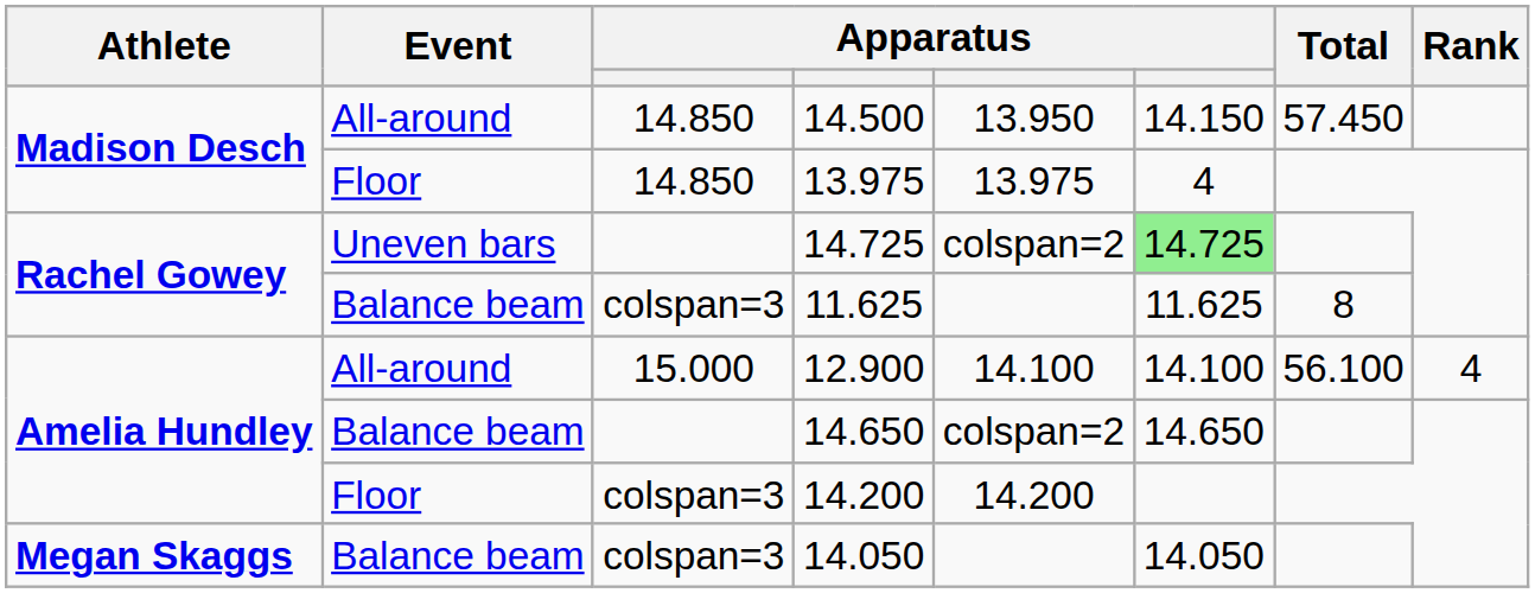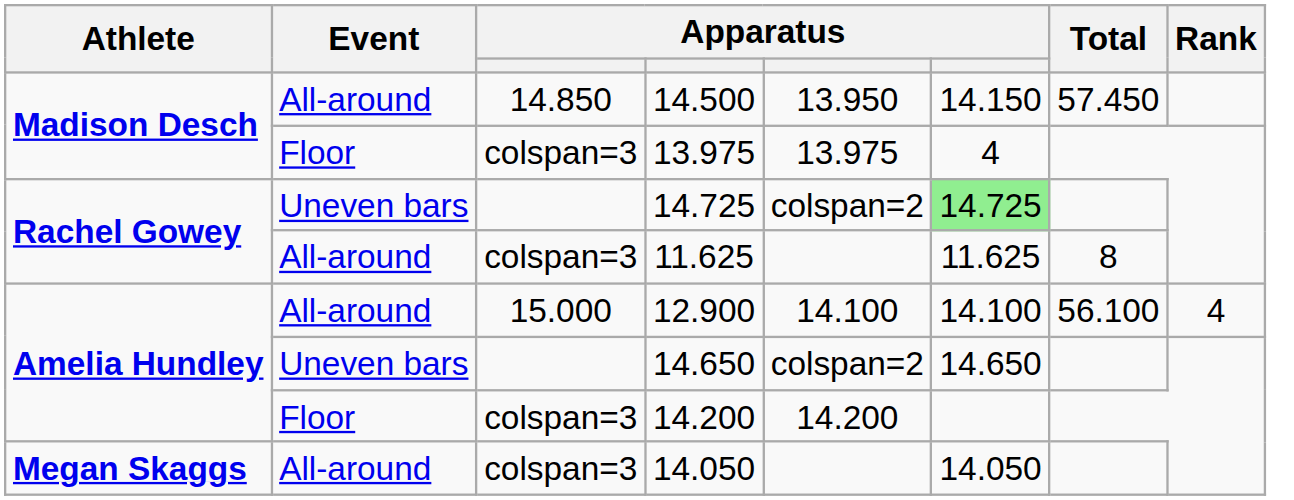 <table class="wikitable" style="font-size:90%">
 <tr>
 <th rowspan=2>Athlete</th>
 <th rowspan=2>Event</th>
 <th colspan=4>Apparatus</th>
 <th rowspan=2>Total</th>
 <th rowspan=2>Rank</th>
 </tr>
 <tr style="font-size:95%">
 <th></th>
 <th></th>
 <th></th>
 <th></th>
 </tr>
 <tr align=center>
 <td align=left rowspan=2><strong><a href='#'>Madison Desch</a></strong></td>
 <td align=left><a href='#'>All-around</a></td>
 <td>14.850</td>
 <td>14.500</td>
 <td>13.950</td>
 <td>14.150</td>
 <td>57.450</td>
 <td></td>
 </tr>
 <tr align=center>
 <td align=left><a href='#'>Floor</a></td>
-<td>14.850</td>
+<td>colspan=3 </td>
 <td>13.975</td>
 <td>13.975</td>
 <td>4</td>
 </tr>
 <tr align=center>
 <td align=left rowspan=2><strong><a href='#'>Rachel Gowey</a></strong></td>
 <td align=left><a href='#'>Uneven bars</a></td>
 <td></td>
 <td>14.725</td>
 <td>colspan=2 </td>
 <td style="background: lightgreen;">14.725</td>
 <td></td>
 </tr>
 <tr align=center>
-<td align=left><a href='#'>Balance beam</a></td>
+<td align=left><a href='#'>All-around</a></td>
 <td>colspan=3 </td>
 <td>11.625</td>
 <td></td>
 <td>11.625</td>
 <td>8</td>
 </tr>
 <tr align=center>
 <td align=left rowspan=3><strong><a href='#'>Amelia Hundley</a></strong></td>
 <td align=left><a href='#'>All-around</a></td>
 <td>15.000</td>
 <td>12.900</td>
 <td>14.100</td>
 <td>14.100</td>
 <td>56.100</td>
 <td>4</td>
 </tr>
 <tr align=center>
-<td align=left><a href='#'>Balance beam</a></td>
+<td align=left><a href='#'>Uneven bars</a></td>
 <td></td>
 <td>14.650</td>
 <td>colspan=2 </td>
 <td>14.650</td>
 <td></td>
 </tr>
 <tr align=center>
 <td align=left><a href='#'>Floor</a></td>
 <td>colspan=3 </td>
 <td>14.200</td>
 <td>14.200</td>
 <td></td>
 </tr>
 <tr align=center>
 <td align=left><strong><a href='#'>Megan Skaggs</a></strong></td>
-<td align=left><a href='#'>Balance beam</a></td>
+<td align=left><a href='#'>All-around</a></td>
 <td>colspan=3 </td>
 <td>14.050</td>
 <td></td>
 <td>14.050</td>
 <td></td>
 </tr>
 </table>
